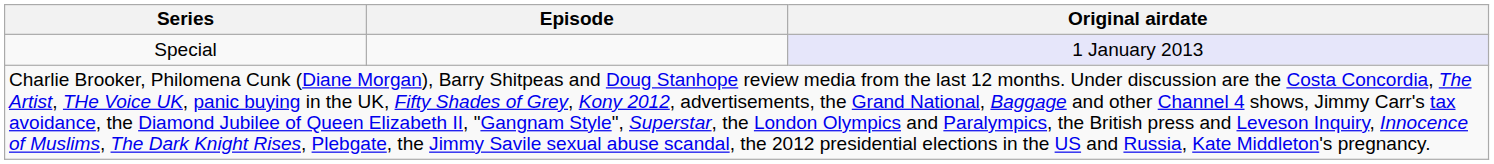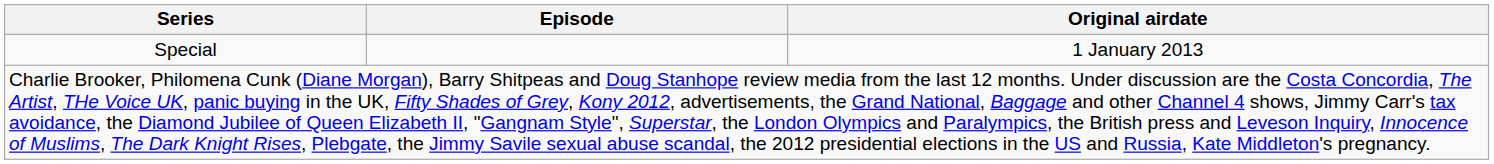 <table class="wikitable" style="text-align:center">
 <tr>
 <th>Series</th>
 <th>Episode</th>
 <th>Original airdate</th>
 </tr>
 <tr>
 <td>Special</td>
 <td></td>
-<td style="background: lavender;">1 January 2013</td>
+<td>1 January 2013</td>
 </tr>
 <tr>
 <td colspan="3" align="left">Charlie Brooker, Philomena Cunk (<a href='#'>Diane Morgan</a>), Barry Shitpeas and <a href='#'>Doug Stanhope</a> review media from the last 12 months. Under discussion are the <a href='#'>Costa Concordia</a>, <em><a href='#'>The Artist</a></em>, <em><a href='#'>THe Voice UK</a></em>, <a href='#'>panic buying</a> in the UK, <em><a href='#'>Fifty Shades of Grey</a></em>, <em><a href='#'>Kony 2012</a></em>, advertisements, the <a href='#'>Grand National</a>, <em><a href='#'>Baggage</a></em> and other <a href='#'>Channel 4</a> shows, Jimmy Carr's <a href='#'>tax avoidance</a>, the <a href='#'>Diamond Jubilee of Queen Elizabeth II</a>, "<a href='#'>Gangnam Style</a>", <em><a href='#'>Superstar</a></em>, the <a href='#'>London Olympics</a> and <a href='#'>Paralympics</a>, the British press and <a href='#'>Leveson Inquiry</a>, <em><a href='#'>Innocence of Muslims</a></em>, <em><a href='#'>The Dark Knight Rises</a></em>, <a href='#'>Plebgate</a>, the <a href='#'>Jimmy Savile sexual abuse scandal</a>, the 2012 presidential elections in the <a href='#'>US</a> and <a href='#'>Russia</a>, <a href='#'>Kate Middleton</a>'s pregnancy.</td>
 </tr>
 </table>
